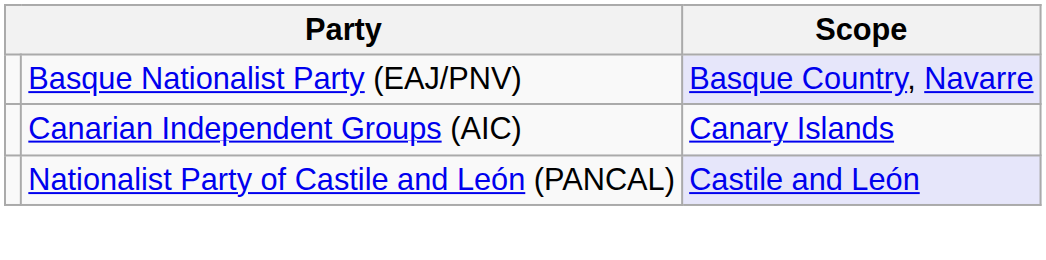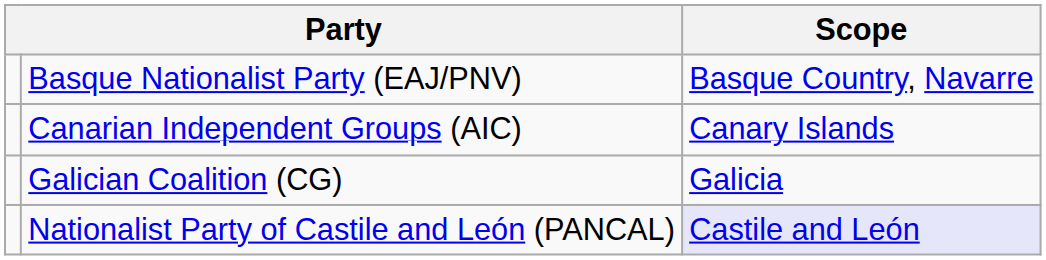 <table class="wikitable" style="text-align:left; font-size:97%;">
 <tr>
 <th colspan="2">Party</th>
 <th>Scope</th>
 </tr>
 <tr>
 <td width="1"></td>
 <td><a href='#'>Basque Nationalist Party</a> (EAJ/PNV)</td>
-<td style="background: lavender;"><a href='#'>Basque Country</a>, <a href='#'>Navarre</a></td>
+<td><a href='#'>Basque Country</a>, <a href='#'>Navarre</a></td>
 </tr>
 <tr>
 <td></td>
 <td><a href='#'>Canarian Independent Groups</a> (AIC)</td>
 <td><a href='#'>Canary Islands</a></td>
 </tr>
 <tr>
 <td></td>
+<td><a href='#'>Galician Coalition</a> (CG)</td>
+<td><a href='#'>Galicia</a></td>
+</tr>
+<tr>
+<td></td>
 <td><a href='#'>Nationalist Party of Castile and León</a> (PANCAL)</td>
 <td style="background: lavender;"><a href='#'>Castile and León</a></td>
 </tr>
 </table>
